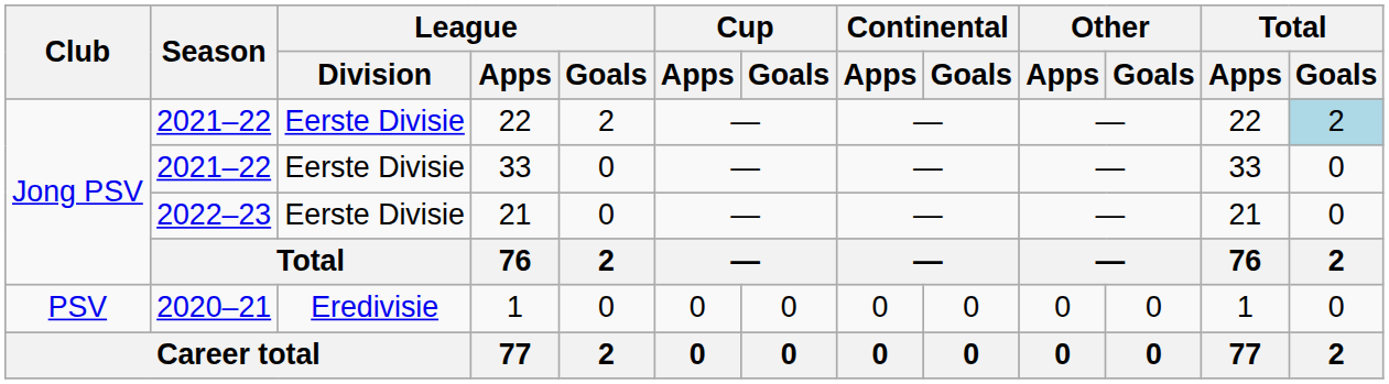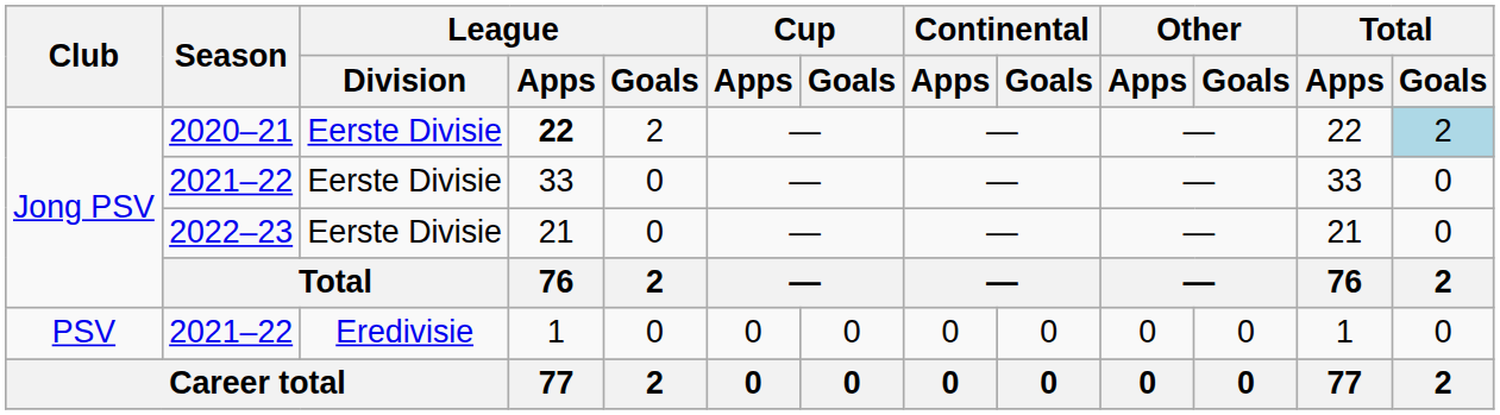 <table class="wikitable" style="text-align: center">
 <tr>
 <th rowspan="2">Club</th>
 <th rowspan="2">Season</th>
 <th colspan="3">League</th>
 <th colspan="2">Cup</th>
 <th colspan="2">Continental</th>
 <th colspan="2">Other</th>
 <th colspan="2">Total</th>
 </tr>
 <tr>
 <th>Division</th>
 <th>Apps</th>
 <th>Goals</th>
 <th>Apps</th>
 <th>Goals</th>
 <th>Apps</th>
 <th>Goals</th>
 <th>Apps</th>
 <th>Goals</th>
 <th>Apps</th>
 <th>Goals</th>
 </tr>
 <tr>
 <td rowspan="4"><a href='#'>Jong PSV</a></td>
-<td><a href='#'>2021–22</a></td>
+<td><a href='#'>2020–21</a></td>
 <td><a href='#'>Eerste Divisie</a></td>
-<td>22</td>
+<td><strong>22</strong></td>
 <td>2</td>
 <td colspan="2">—</td>
 <td colspan="2">—</td>
 <td colspan="2">—</td>
 <td>22</td>
 <td style="background: lightblue;">2</td>
 </tr>
 <tr>
 <td><a href='#'>2021–22</a></td>
 <td>Eerste Divisie</td>
 <td>33</td>
 <td>0</td>
 <td colspan="2">—</td>
 <td colspan="2">—</td>
 <td colspan="2">—</td>
 <td>33</td>
 <td>0</td>
 </tr>
 <tr>
 <td><a href='#'>2022–23</a></td>
 <td>Eerste Divisie</td>
 <td>21</td>
 <td>0</td>
 <td colspan="2">—</td>
 <td colspan="2">—</td>
 <td colspan="2">—</td>
 <td>21</td>
 <td>0</td>
 </tr>
 <tr>
 <th colspan="2">Total</th>
 <th>76</th>
 <th>2</th>
 <th colspan="2">—</th>
 <th colspan="2">—</th>
 <th colspan="2">—</th>
 <th>76</th>
 <th>2</th>
 </tr>
 <tr>
 <td><a href='#'>PSV</a></td>
-<td><a href='#'>2020–21</a></td>
+<td><a href='#'>2021–22</a></td>
 <td><a href='#'>Eredivisie</a></td>
 <td>1</td>
 <td>0</td>
 <td>0</td>
 <td>0</td>
 <td>0</td>
 <td>0</td>
 <td>0</td>
 <td>0</td>
 <td>1</td>
 <td>0</td>
 </tr>
 <tr>
 <th colspan="3">Career total</th>
 <th>77</th>
 <th>2</th>
 <th>0</th>
 <th>0</th>
 <th>0</th>
 <th>0</th>
 <th>0</th>
 <th>0</th>
 <th>77</th>
 <th>2</th>
 </tr>
 </table>
